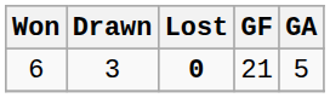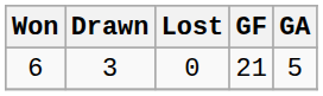 <table class="wikitable" style="text-align:center">
 <tr>
 <th>Won</th>
 <th>Drawn</th>
 <th>Lost</th>
 <th>GF</th>
 <th>GA</th>
 </tr>
 <tr>
 <td>6</td>
 <td>3</td>
-<td><strong>0</strong></td>
+<td>0</td>
 <td>21</td>
 <td>5</td>
 </tr>
 <tr>
 </tr>
 </table>
